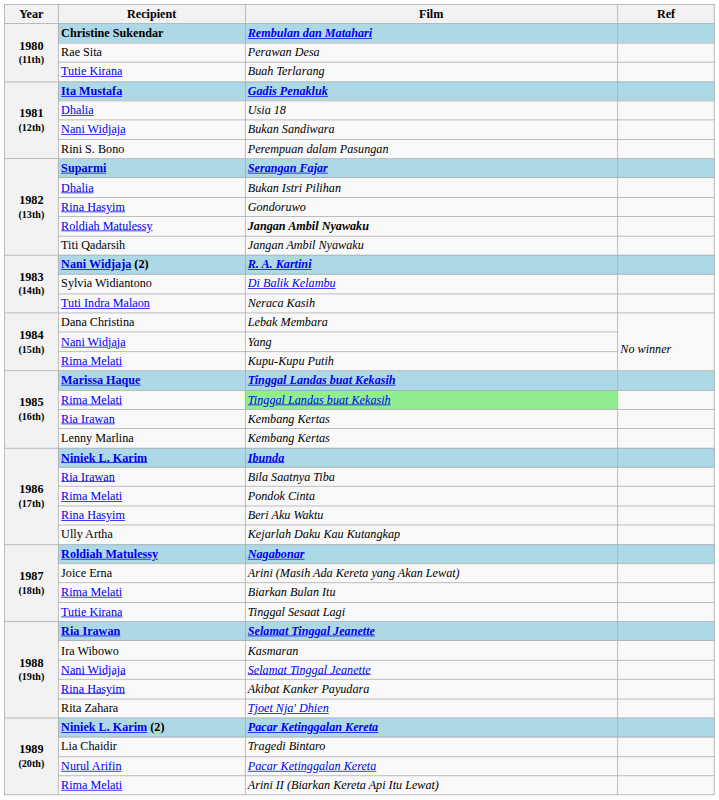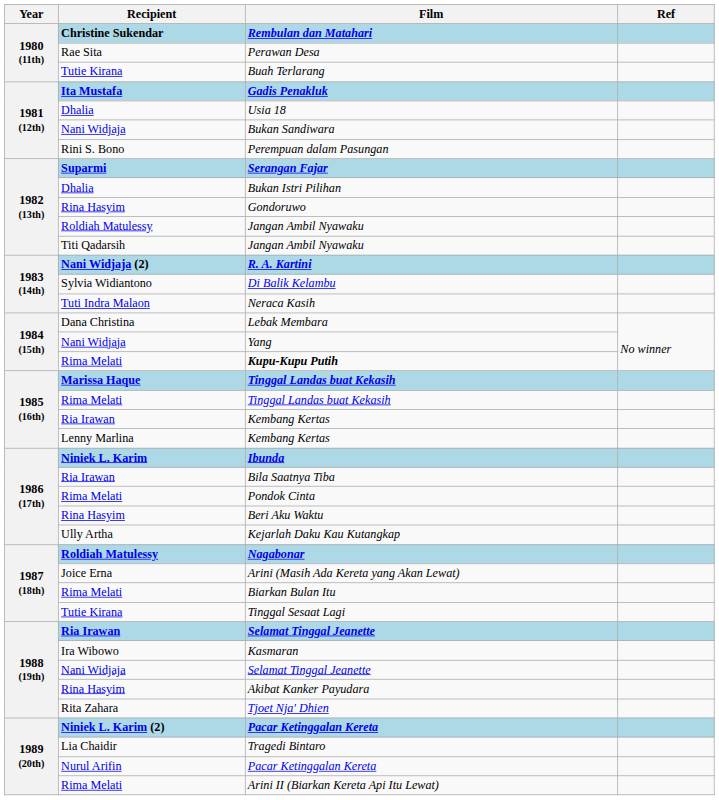 <table class="wikitable plainrowheaders sortable" style="width: 74%;">
 <tr>
 <th scope="col">Year</th>
 <th scope="col">Recipient</th>
 <th scope="col">Film</th>
 <th scope="col" class="unsortable">Ref</th>
 </tr>
 <tr>
 <th scope="row" rowspan="3" style="text-align:center;"><strong>1980</strong><br><small>(11th)</small></th>
 <td scope="row" style="background:lightblue;"><strong>Christine Sukendar</strong></td>
 <td style="background:lightblue;"><strong><em><a href='#'>Rembulan dan Matahari</a></em></strong></td>
 <td style="background:lightblue;"></td>
 </tr>
 <tr>
 <td scope="row">Rae Sita</td>
 <td><em>Perawan Desa</em></td>
 <td></td>
 </tr>
 <tr>
 <td scope="row"><a href='#'>Tutie Kirana</a></td>
 <td><em>Buah Terlarang</em></td>
 <td></td>
 </tr>
 <tr>
 <th scope="row" rowspan="4" style="text-align:center;"><strong>1981</strong><br><small>(12th)</small></th>
 <td scope="row" style="background:lightblue;"><strong><a href='#'>Ita Mustafa</a></strong></td>
 <td style="background:lightblue;"><strong><em><a href='#'>Gadis Penakluk</a></em></strong></td>
 <td style="background:lightblue;"></td>
 </tr>
 <tr>
 <td scope="row"><a href='#'>Dhalia</a></td>
 <td><em>Usia 18</em></td>
 <td></td>
 </tr>
 <tr>
 <td scope="row"><a href='#'>Nani Widjaja</a></td>
 <td><em>Bukan Sandiwara</em></td>
 <td></td>
 </tr>
 <tr>
 <td scope="row">Rini S. Bono</td>
 <td><em>Perempuan dalam Pasungan</em></td>
 <td></td>
 </tr>
 <tr>
 <th scope="row" rowspan="5" style="text-align:center;"><strong>1982</strong><br><small>(13th)</small></th>
 <td scope="row" style="background:lightblue;"><strong><a href='#'>Suparmi</a></strong></td>
 <td style="background:lightblue;"><strong><em><a href='#'>Serangan Fajar</a></em></strong></td>
 <td style="background:lightblue;"></td>
 </tr>
 <tr>
 <td scope="row"><a href='#'>Dhalia</a></td>
 <td><em>Bukan Istri Pilihan</em></td>
 <td></td>
 </tr>
 <tr>
 <td scope="row"><a href='#'>Rina Hasyim</a></td>
 <td><em>Gondoruwo</em></td>
 <td></td>
 </tr>
 <tr>
 <td scope="row"><a href='#'>Roldiah Matulessy</a></td>
-<td><strong><em>Jangan Ambil Nyawaku</em></strong></td>
+<td><em>Jangan Ambil Nyawaku</em></td>
 <td></td>
 </tr>
 <tr>
 <td scope="row">Titi Qadarsih</td>
 <td><em>Jangan Ambil Nyawaku</em></td>
 <td></td>
 </tr>
 <tr>
 <th scope="row" rowspan="3" style="text-align:center;"><strong>1983</strong><br><small>(14th)</small></th>
 <td scope="row" style="background:lightblue;"><strong><a href='#'>Nani Widjaja</a> (2)</strong></td>
 <td style="background:lightblue;"><strong><em><a href='#'>R. A. Kartini</a></em></strong></td>
 <td style="background:lightblue;"></td>
 </tr>
 <tr>
 <td scope="row">Sylvia Widiantono</td>
 <td><em><a href='#'>Di Balik Kelambu</a></em></td>
 <td></td>
 </tr>
 <tr>
 <td scope="row"><a href='#'>Tuti Indra Malaon</a></td>
 <td><em>Neraca Kasih</em></td>
 <td></td>
 </tr>
 <tr>
 <th scope="row" rowspan="3" style="text-align:center;"><strong>1984</strong><br><small>(15th)</small></th>
 <td scope="row">Dana Christina</td>
 <td><em>Lebak Membara</em></td>
 <td rowspan="3"><br><em>No winner</em></td>
 </tr>
 <tr>
 <td scope="row"><a href='#'>Nani Widjaja</a></td>
 <td><em>Yang</em></td>
 </tr>
 <tr>
 <td scope="row"><a href='#'>Rima Melati</a></td>
-<td><em>Kupu-Kupu Putih</em></td>
+<td><strong><em>Kupu-Kupu Putih</em></strong></td>
 </tr>
 <tr>
 <th scope="row" rowspan="4" style="text-align:center;"><strong>1985</strong><br><small>(16th)</small></th>
 <td scope="row" style="background:lightblue;"><strong><a href='#'>Marissa Haque</a></strong></td>
 <td style="background:lightblue;"><strong><em><a href='#'>Tinggal Landas buat Kekasih</a></em></strong></td>
 <td style="background:lightblue;"></td>
 </tr>
 <tr>
 <td scope="row"><a href='#'>Rima Melati</a></td>
-<td style="background: lightgreen;"><em><a href='#'>Tinggal Landas buat Kekasih</a></em></td>
+<td><em><a href='#'>Tinggal Landas buat Kekasih</a></em></td>
 <td></td>
 </tr>
 <tr>
 <td scope="row"><a href='#'>Ria Irawan</a></td>
 <td><em>Kembang Kertas</em></td>
 <td></td>
 </tr>
 <tr>
 <td scope="row">Lenny Marlina</td>
 <td><em>Kembang Kertas</em></td>
 <td></td>
 </tr>
 <tr>
 <th scope="row" rowspan="5" style="text-align:center;"><strong>1986</strong><br><small>(17th)</small></th>
 <td scope="row" style="background:lightblue;"><strong><a href='#'>Niniek L. Karim</a></strong></td>
 <td style="background:lightblue;"><strong><em><a href='#'>Ibunda</a></em></strong></td>
 <td style="background:lightblue;"></td>
 </tr>
 <tr>
 <td scope="row"><a href='#'>Ria Irawan</a></td>
 <td><em>Bila Saatnya Tiba</em></td>
 <td></td>
 </tr>
 <tr>
 <td scope="row"><a href='#'>Rima Melati</a></td>
 <td><em>Pondok Cinta</em></td>
 <td></td>
 </tr>
 <tr>
 <td scope="row"><a href='#'>Rina Hasyim</a></td>
 <td><em>Beri Aku Waktu</em></td>
 <td></td>
 </tr>
 <tr>
 <td scope="row">Ully Artha</td>
 <td><em>Kejarlah Daku Kau Kutangkap</em></td>
 <td></td>
 </tr>
 <tr>
 <th scope="row" rowspan="4" style="text-align:center;"><strong>1987</strong><br><small>(18th)</small></th>
 <td scope="row" style="background:lightblue;"><strong><a href='#'>Roldiah Matulessy</a></strong></td>
 <td style="background:lightblue;"><strong><em><a href='#'>Nagabonar</a></em></strong></td>
 <td style="background:lightblue;"></td>
 </tr>
 <tr>
 <td scope="row">Joice Erna</td>
 <td><em>Arini (Masih Ada Kereta yang Akan Lewat)</em></td>
 <td></td>
 </tr>
 <tr>
 <td scope="row"><a href='#'>Rima Melati</a></td>
 <td><em>Biarkan Bulan Itu</em></td>
 <td></td>
 </tr>
 <tr>
 <td scope="row"><a href='#'>Tutie Kirana</a></td>
 <td><em>Tinggal Sesaat Lagi</em></td>
 <td></td>
 </tr>
 <tr>
 <th scope="row" rowspan="5" style="text-align:center;"><strong>1988</strong><br><small>(19th)</small></th>
 <td scope="row" style="background:lightblue;"><strong><a href='#'>Ria Irawan</a></strong></td>
 <td style="background:lightblue;"><strong><em><a href='#'>Selamat Tinggal Jeanette</a></em></strong></td>
 <td style="background:lightblue;"></td>
 </tr>
 <tr>
 <td scope="row">Ira Wibowo</td>
 <td><em>Kasmaran</em></td>
 <td></td>
 </tr>
 <tr>
 <td scope="row"><a href='#'>Nani Widjaja</a></td>
 <td><em><a href='#'>Selamat Tinggal Jeanette</a></em></td>
 <td></td>
 </tr>
 <tr>
 <td scope="row"><a href='#'>Rina Hasyim</a></td>
 <td><em>Akibat Kanker Payudara</em></td>
 <td></td>
 </tr>
 <tr>
 <td scope="row">Rita Zahara</td>
 <td><em><a href='#'>Tjoet Nja' Dhien</a></em></td>
 <td></td>
 </tr>
 <tr>
 <th scope="row" rowspan="4" style="text-align:center;"><strong>1989</strong><br><small>(20th)</small></th>
 <td scope="row" style="background:lightblue;"><strong><a href='#'>Niniek L. Karim</a> (2)</strong></td>
 <td style="background:lightblue;"><strong><em><a href='#'>Pacar Ketinggalan Kereta</a></em></strong></td>
 <td style="background:lightblue;"></td>
 </tr>
 <tr>
 <td scope="row">Lia Chaidir</td>
 <td><em>Tragedi Bintaro</em></td>
 <td></td>
 </tr>
 <tr>
 <td scope="row"><a href='#'>Nurul Arifin</a></td>
 <td><em><a href='#'>Pacar Ketinggalan Kereta</a></em></td>
 <td></td>
 </tr>
 <tr>
 <td scope="row"><a href='#'>Rima Melati</a></td>
 <td><em>Arini II (Biarkan Kereta Api Itu Lewat)</em></td>
 <td></td>
 </tr>
 </table>
